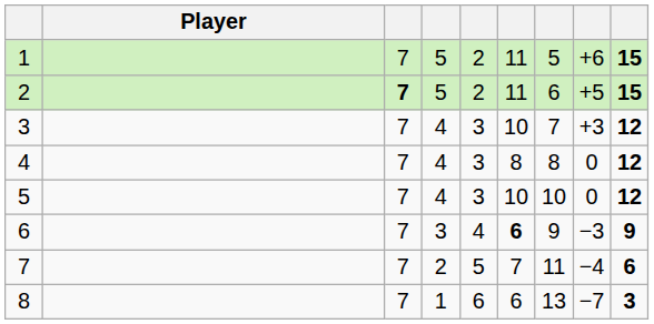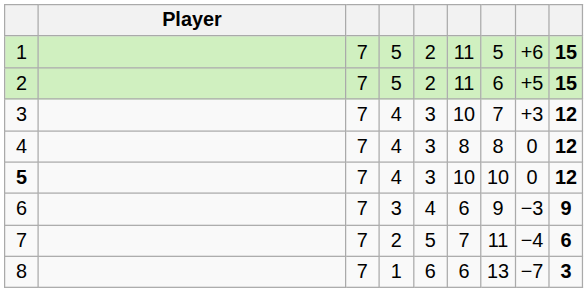 <table class="wikitable" style="text-align:center; margin: 1em auto 1em auto, align:left">
 <tr>
 <th width=20></th>
 <th width=240>Player</th>
 <th width=20></th>
 <th width=20></th>
 <th width=20></th>
 <th width=20></th>
 <th width=20></th>
 <th width=20></th>
 <th width=20></th>
 </tr>
 <tr style="background:#D0F0C0;">
 <td>1</td>
 <td align=left></td>
 <td>7</td>
 <td>5</td>
 <td>2</td>
 <td>11</td>
 <td>5</td>
 <td>+6</td>
 <td><strong>15</strong></td>
 </tr>
 <tr style="background:#D0F0C0;">
 <td>2</td>
 <td align=left></td>
-<td><strong>7</strong></td>
+<td>7</td>
 <td>5</td>
 <td>2</td>
 <td>11</td>
 <td>6</td>
 <td>+5</td>
 <td><strong>15</strong></td>
 </tr>
 <tr style=>
 <td>3</td>
 <td align=left></td>
 <td>7</td>
 <td>4</td>
 <td>3</td>
 <td>10</td>
 <td>7</td>
 <td>+3</td>
 <td><strong>12</strong></td>
 </tr>
 <tr style=>
 <td>4</td>
 <td align=left></td>
 <td>7</td>
 <td>4</td>
 <td>3</td>
 <td>8</td>
 <td>8</td>
 <td>0</td>
 <td><strong>12</strong></td>
 </tr>
 <tr style=>
-<td>5</td>
+<td><strong>5</strong></td>
 <td align=left></td>
 <td>7</td>
 <td>4</td>
 <td>3</td>
 <td>10</td>
 <td>10</td>
 <td>0</td>
 <td><strong>12</strong></td>
 </tr>
 <tr style=>
 <td>6</td>
 <td align=left></td>
 <td>7</td>
 <td>3</td>
 <td>4</td>
-<td><strong>6</strong></td>
+<td>6</td>
 <td>9</td>
 <td>−3</td>
 <td><strong>9</strong></td>
 </tr>
 <tr style=>
 <td>7</td>
 <td align=left></td>
 <td>7</td>
 <td>2</td>
 <td>5</td>
 <td>7</td>
 <td>11</td>
 <td>−4</td>
 <td><strong>6</strong></td>
 </tr>
 <tr style=>
 <td>8</td>
 <td align=left></td>
 <td>7</td>
 <td>1</td>
 <td>6</td>
 <td>6</td>
 <td>13</td>
 <td>−7</td>
 <td><strong>3</strong></td>
 </tr>
 </table>
